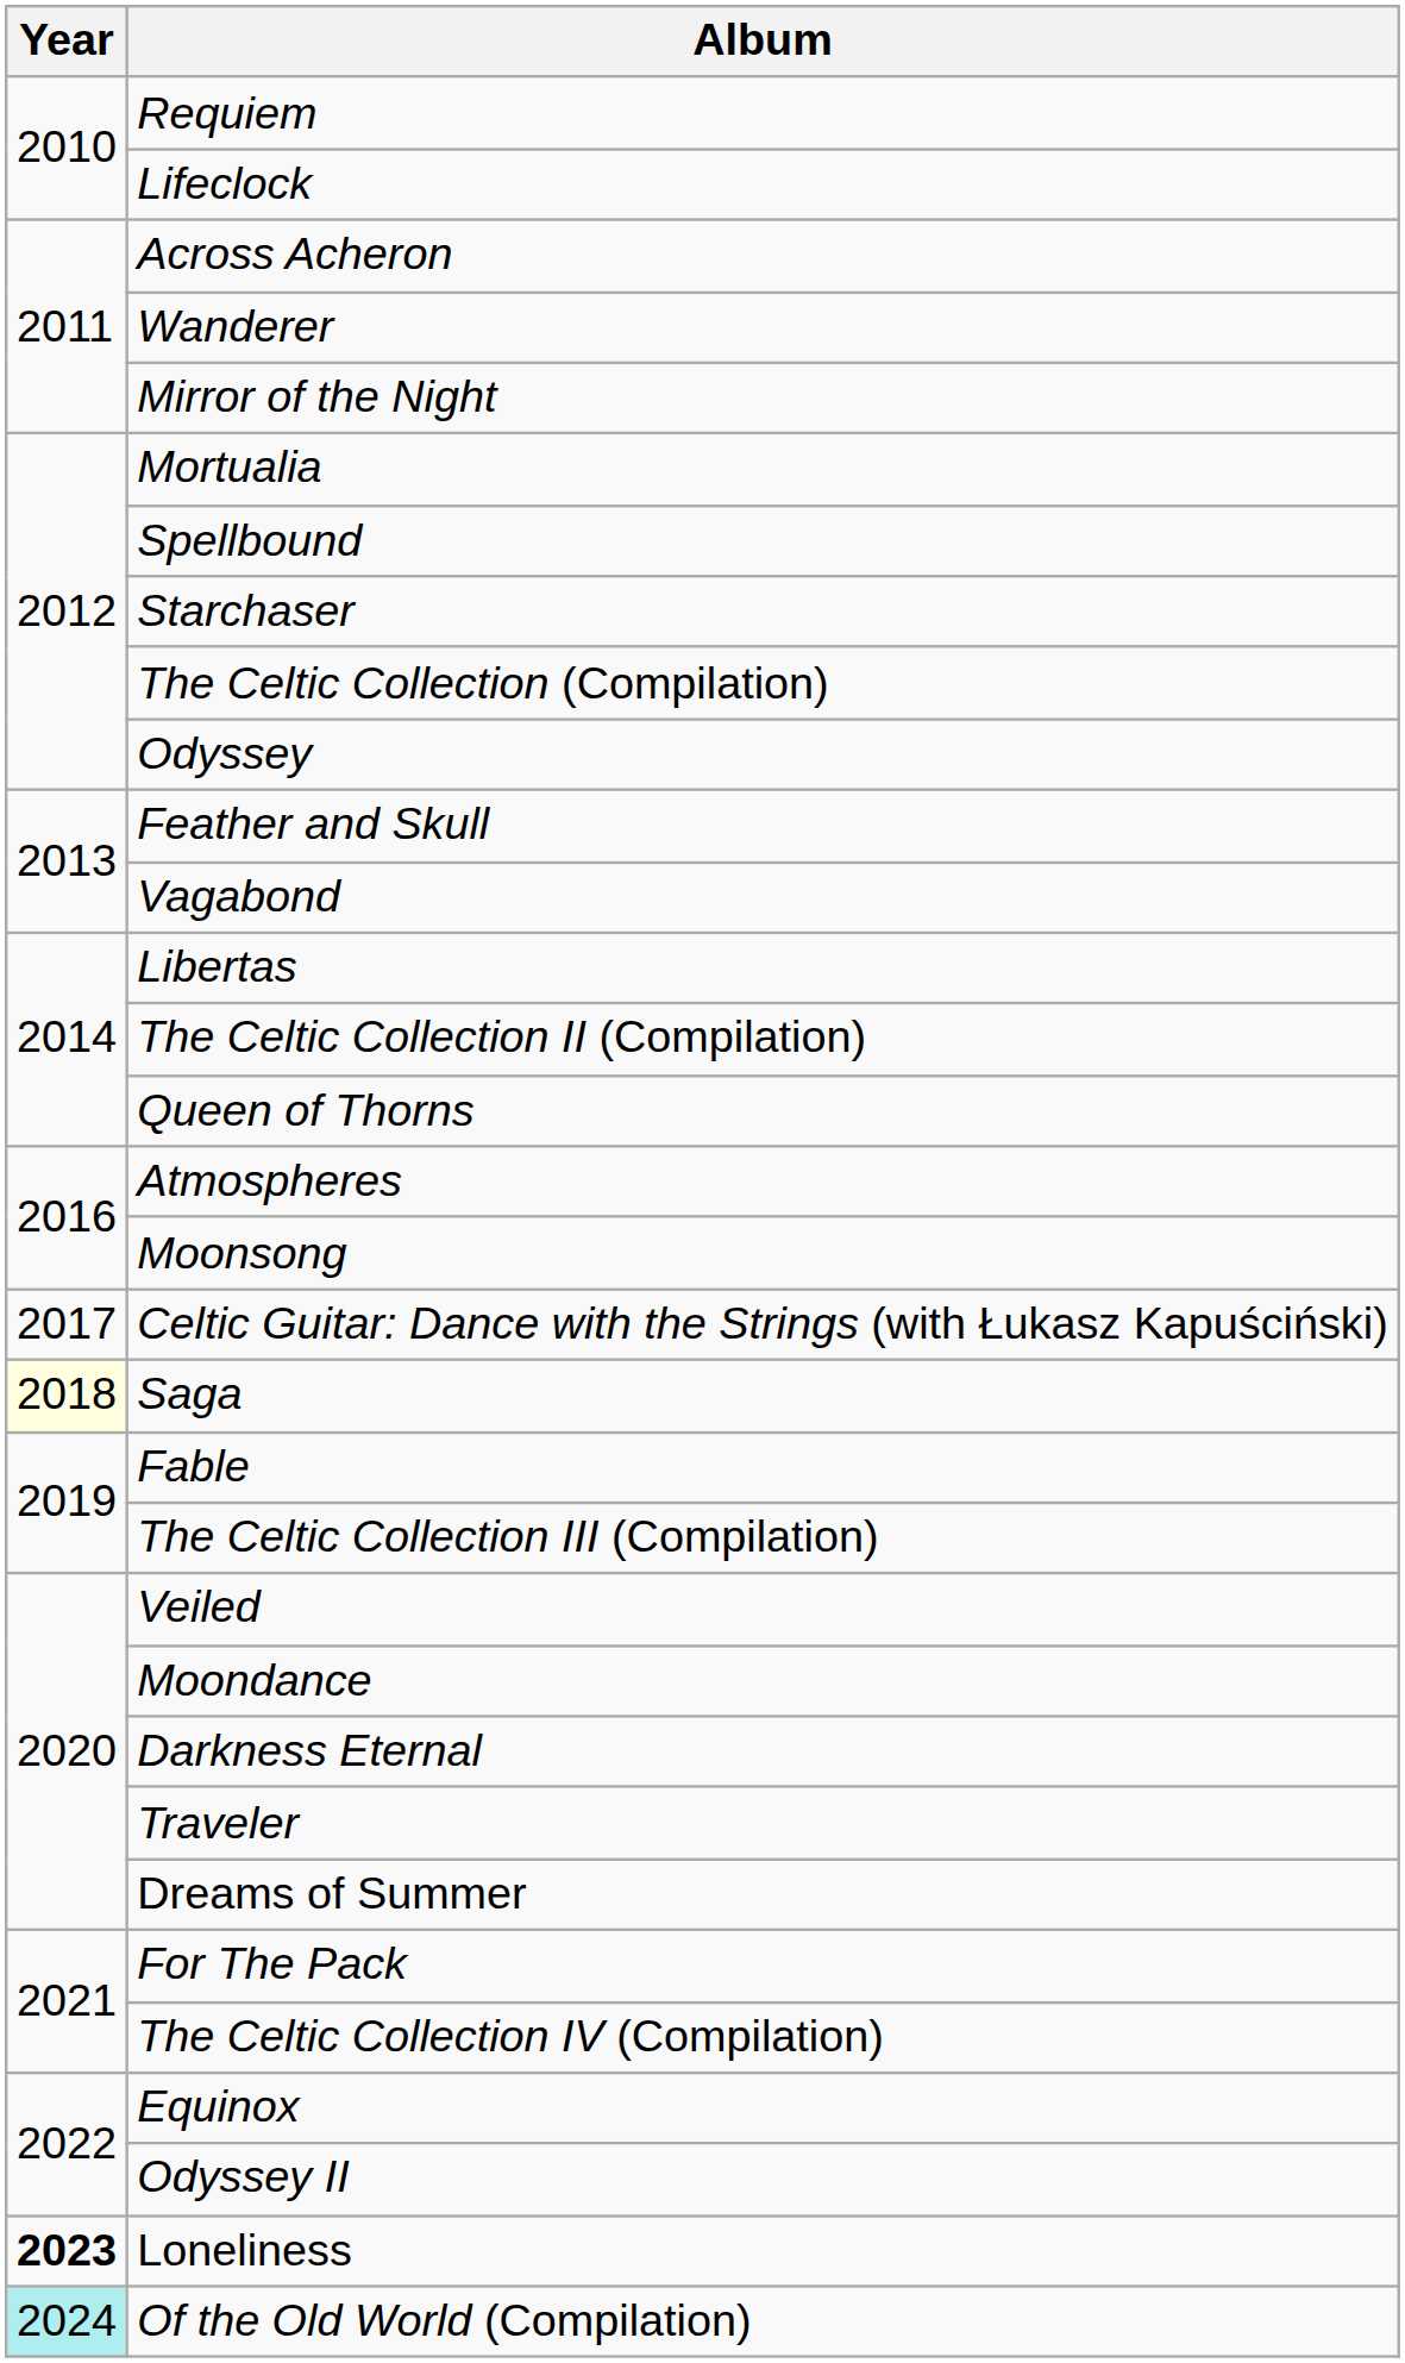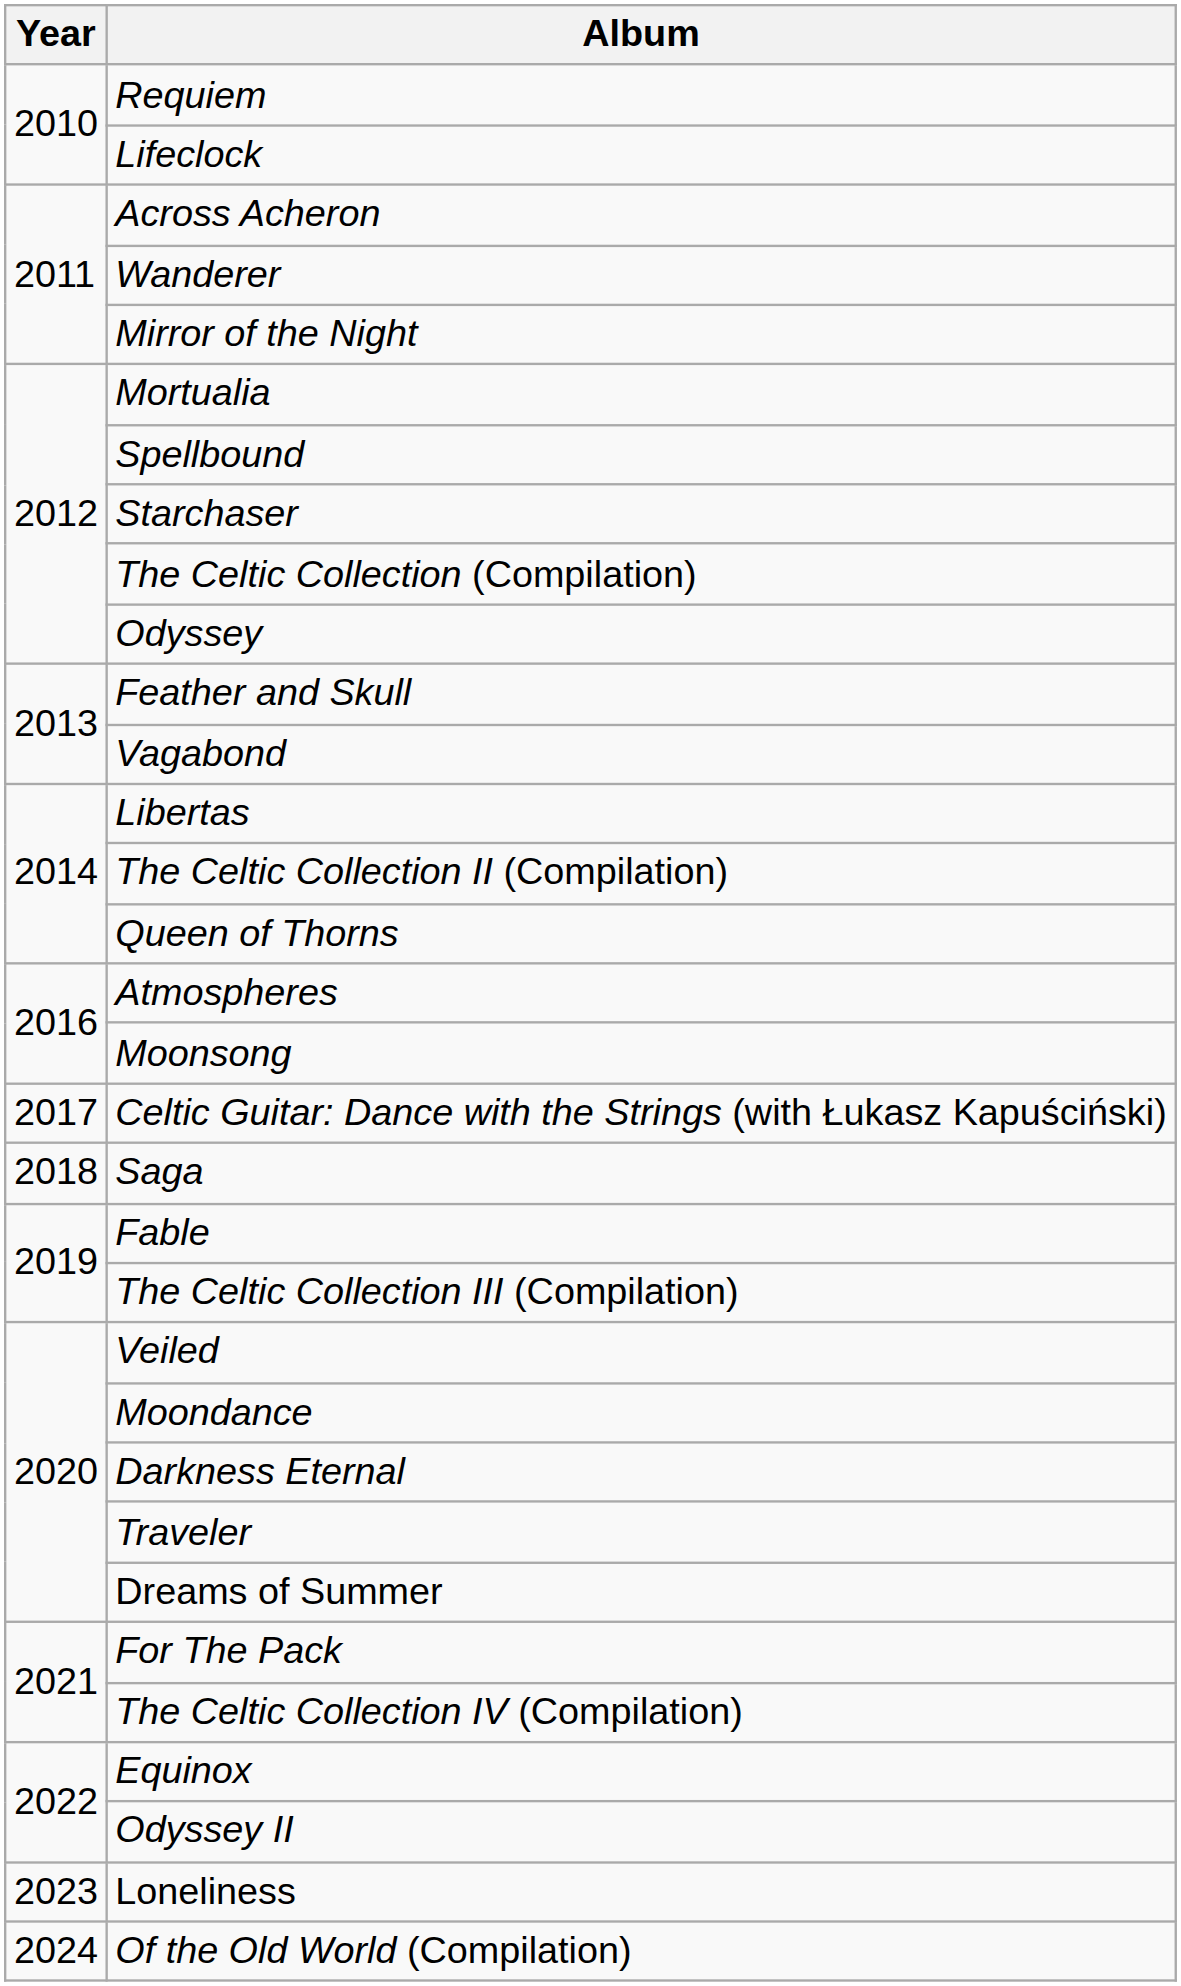 <table class="wikitable sortable">
 <tr>
 <th>Year</th>
 <th>Album</th>
 </tr>
 <tr>
 <td rowspan=2>2010</td>
 <td><em>Requiem</em></td>
 </tr>
 <tr>
 <td><em>Lifeclock</em></td>
 </tr>
 <tr>
 <td rowspan=3>2011</td>
 <td><em>Across Acheron</em></td>
 </tr>
 <tr>
 <td><em>Wanderer</em></td>
 </tr>
 <tr>
 <td><em>Mirror of the Night</em></td>
 </tr>
 <tr>
 <td rowspan=5>2012</td>
 <td><em>Mortualia</em></td>
 </tr>
 <tr>
 <td><em>Spellbound</em></td>
 </tr>
 <tr>
 <td><em>Starchaser</em></td>
 </tr>
 <tr>
 <td><em>The Celtic Collection</em> (Compilation)</td>
 </tr>
 <tr>
 <td><em>Odyssey</em></td>
 </tr>
 <tr>
 <td rowspan=2>2013</td>
 <td><em>Feather and Skull</em></td>
 </tr>
 <tr>
 <td><em>Vagabond</em></td>
 </tr>
 <tr>
 <td rowspan=3>2014</td>
 <td><em>Libertas</em></td>
 </tr>
 <tr>
 <td><em>The Celtic Collection II</em> (Compilation)</td>
 </tr>
 <tr>
 <td><em>Queen of Thorns</em></td>
 </tr>
 <tr>
 <td rowspan=2>2016</td>
 <td><em>Atmospheres</em></td>
 </tr>
 <tr>
 <td><em>Moonsong</em></td>
 </tr>
 <tr>
 <td>2017</td>
 <td><em>Celtic Guitar: Dance with the Strings</em> (with Łukasz Kapuściński)</td>
 </tr>
 <tr>
-<td style="background: lightyellow;">2018</td>
+<td>2018</td>
 <td><em>Saga</em></td>
 </tr>
 <tr>
 <td rowspan=2>2019</td>
 <td><em>Fable</em></td>
 </tr>
 <tr>
 <td><em>The Celtic Collection III</em> (Compilation)</td>
 </tr>
 <tr>
 <td rowspan="5">2020</td>
 <td><em>Veiled</em></td>
 </tr>
 <tr>
 <td><em>Moondance</em></td>
 </tr>
 <tr>
 <td><em>Darkness Eternal</em></td>
 </tr>
 <tr>
 <td><em>Traveler</em></td>
 </tr>
 <tr>
 <td>Dreams of Summer</td>
 </tr>
 <tr>
 <td rowspan=2>2021</td>
 <td><em>For The Pack</em></td>
 </tr>
 <tr>
 <td><em>The Celtic Collection IV</em> (Compilation)</td>
 </tr>
 <tr>
 <td rowspan=2>2022</td>
 <td><em>Equinox</em></td>
 </tr>
 <tr>
 <td><em>Odyssey II</em></td>
 </tr>
 <tr>
-<td><strong>2023</strong></td>
+<td>2023</td>
 <td>Loneliness</td>
 </tr>
 <tr>
-<td style="background: paleturquoise;">2024</td>
+<td>2024</td>
 <td><em>Of the Old World</em> (Compilation)</td>
 </tr>
 </table>
